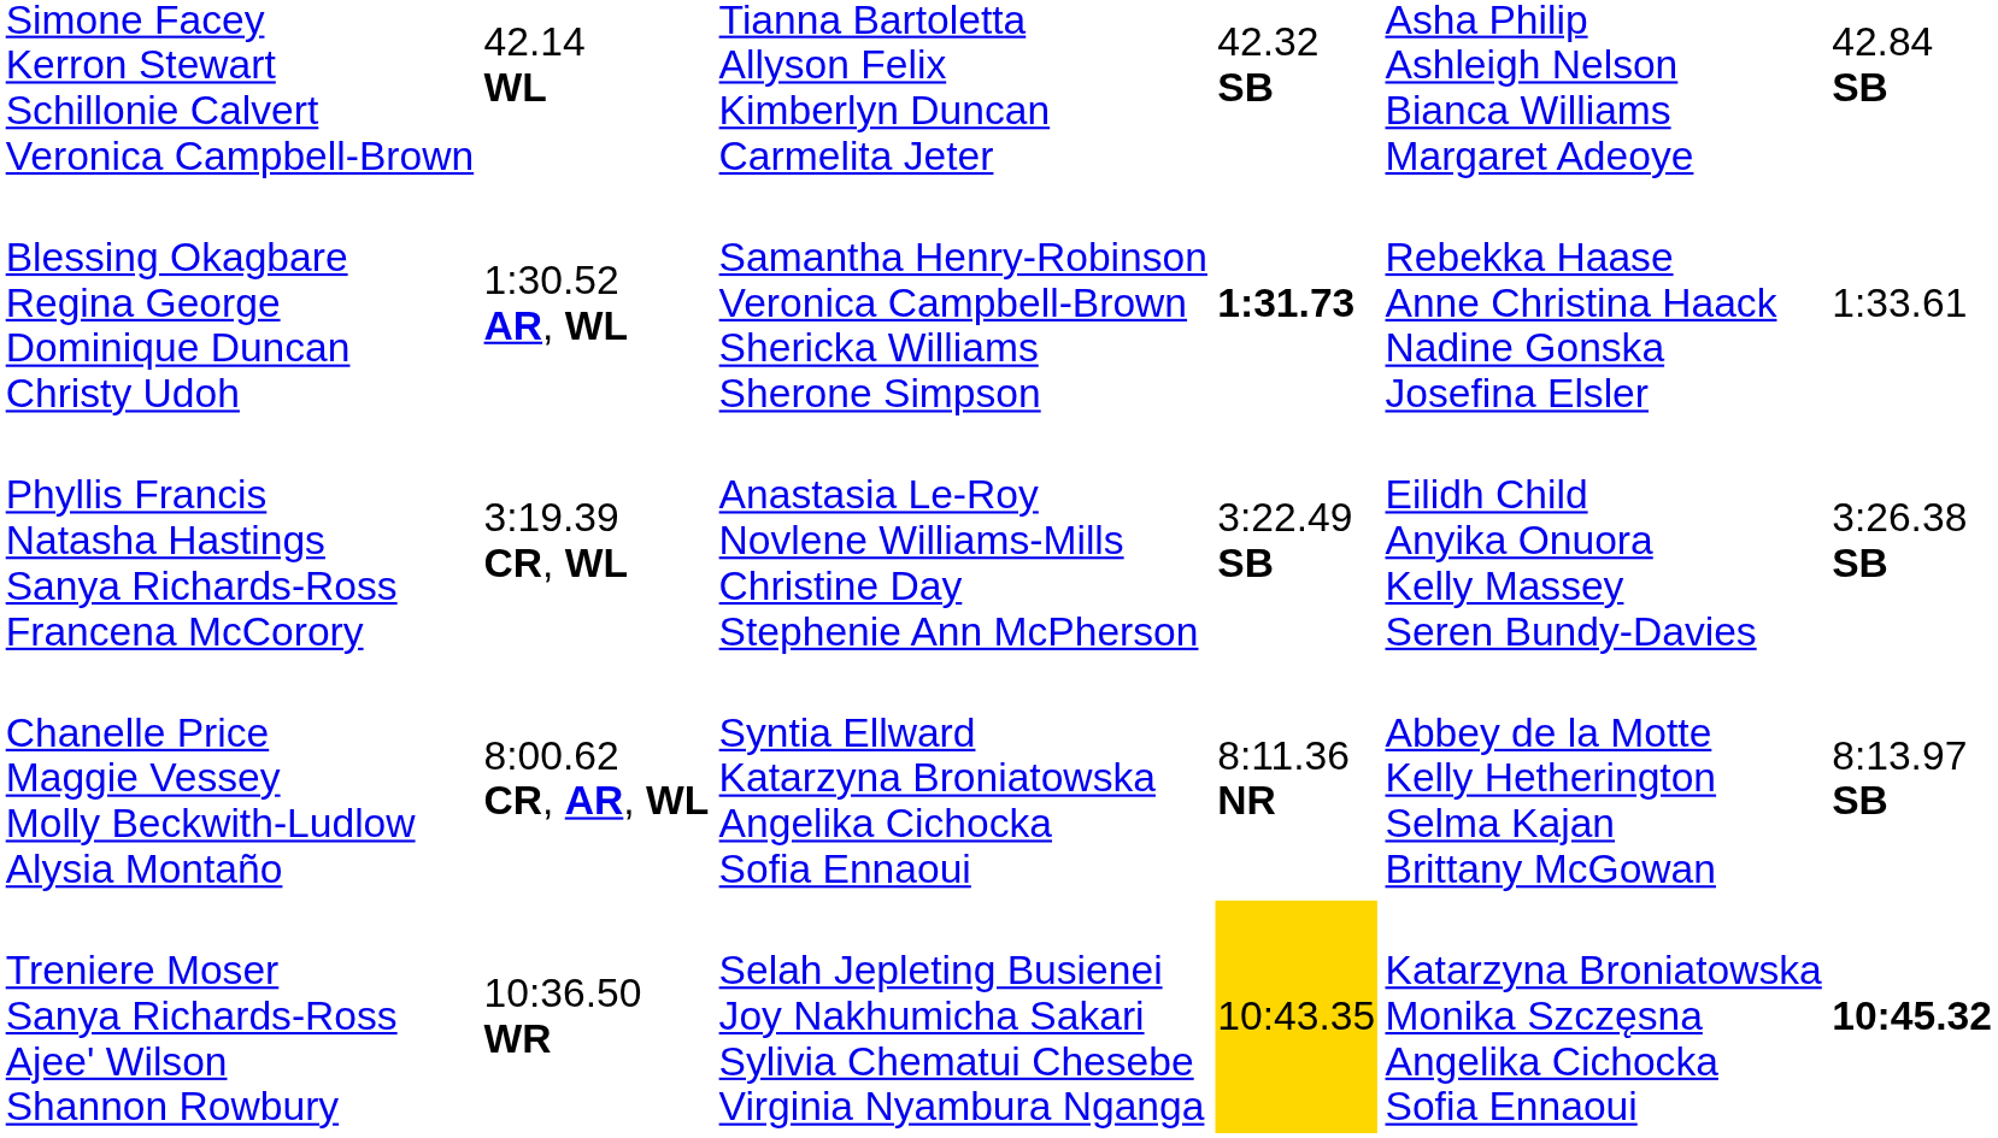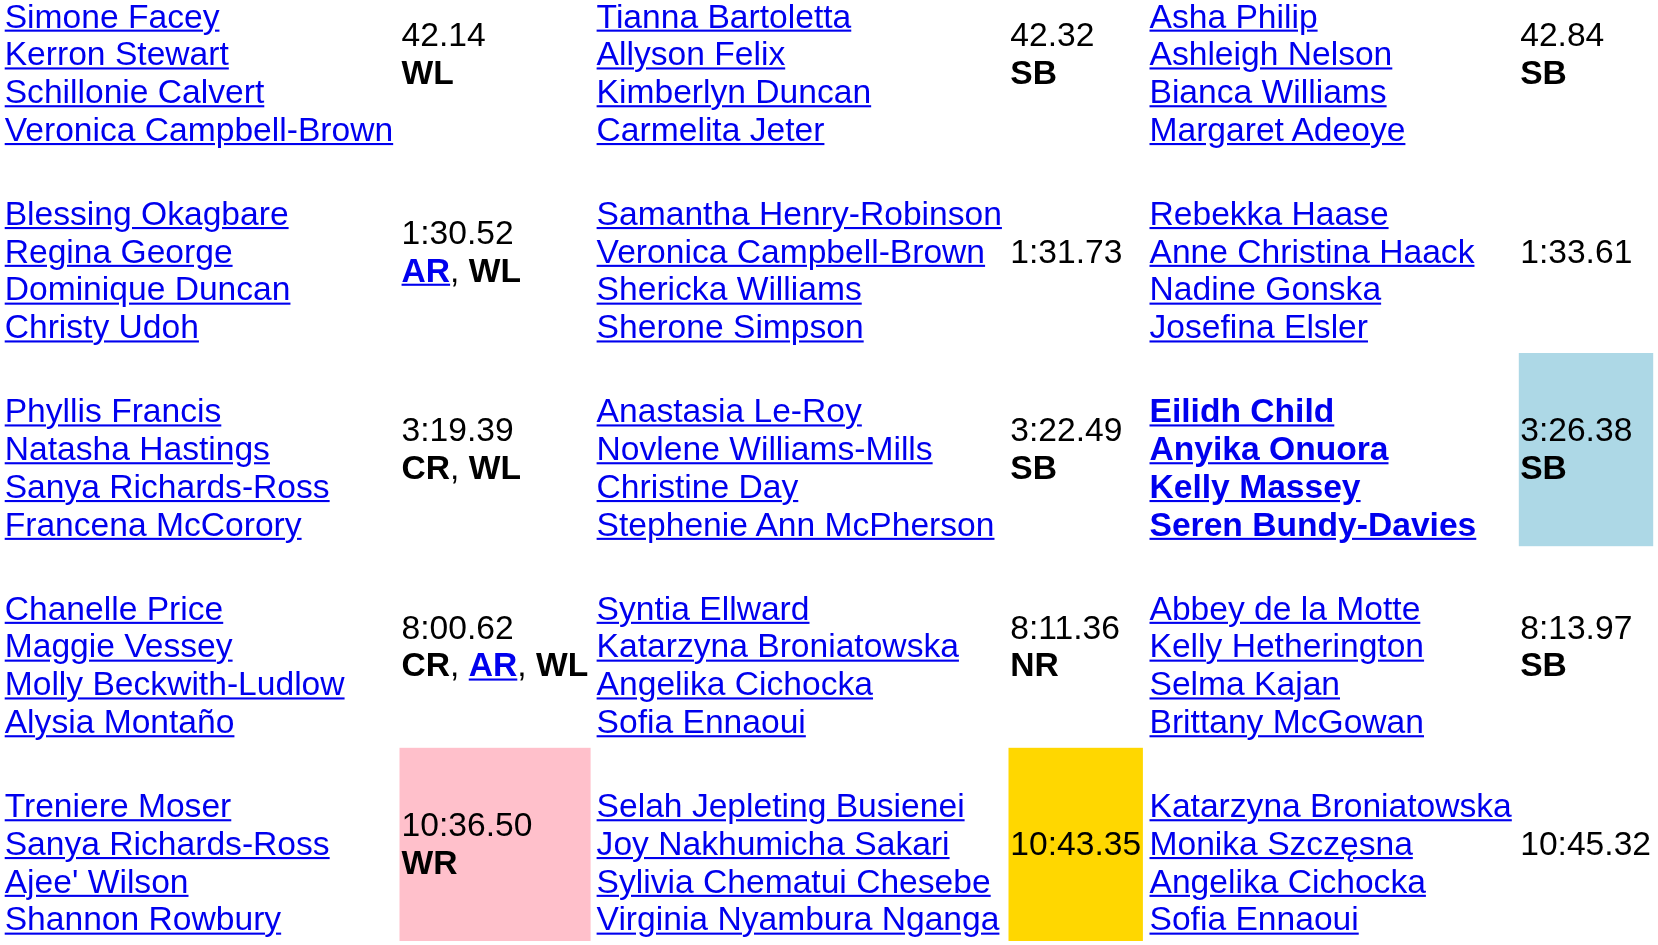 <table>
 <tr>
 <td></td>
 <td><br><a href='#'>Simone Facey</a><br><a href='#'>Kerron Stewart</a><br><a href='#'>Schillonie Calvert</a><br><a href='#'>Veronica Campbell-Brown</a></td>
 <td>42.14<br><strong>WL</strong></td>
 <td><br><a href='#'>Tianna Bartoletta</a><br><a href='#'>Allyson Felix</a><br><a href='#'>Kimberlyn Duncan</a><br><a href='#'>Carmelita Jeter</a></td>
 <td>42.32<br><strong>SB</strong></td>
 <td><br><a href='#'>Asha Philip</a><br><a href='#'>Ashleigh Nelson</a><br><a href='#'>Bianca Williams</a><br><a href='#'>Margaret Adeoye</a></td>
 <td>42.84<br><strong>SB</strong></td>
 </tr>
 <tr>
 <td></td>
 <td><br><a href='#'>Blessing Okagbare</a><br><a href='#'>Regina George</a><br><a href='#'>Dominique Duncan</a><br><a href='#'>Christy Udoh</a></td>
 <td>1:30.52<br> <strong><a href='#'>AR</a></strong>, <strong>WL</strong></td>
 <td><br><a href='#'>Samantha Henry-Robinson</a><br><a href='#'>Veronica Campbell-Brown</a><br><a href='#'>Shericka Williams</a><br><a href='#'>Sherone Simpson</a></td>
-<td><strong>1:31.73</strong></td>
+<td>1:31.73</td>
 <td><br><a href='#'>Rebekka Haase</a><br><a href='#'>Anne Christina Haack</a><br><a href='#'>Nadine Gonska</a><br><a href='#'>Josefina Elsler</a></td>
 <td>1:33.61</td>
 </tr>
 <tr>
 <td></td>
 <td><br><a href='#'>Phyllis Francis</a><br><a href='#'>Natasha Hastings</a><br><a href='#'>Sanya Richards-Ross</a><br><a href='#'>Francena McCorory</a></td>
 <td>3:19.39<br><strong>CR</strong>, <strong>WL</strong></td>
 <td><br><a href='#'>Anastasia Le-Roy</a><br><a href='#'>Novlene Williams-Mills</a><br><a href='#'>Christine Day</a><br><a href='#'>Stephenie Ann McPherson</a></td>
 <td>3:22.49<br><strong>SB</strong></td>
-<td><br><a href='#'>Eilidh Child</a><br><a href='#'>Anyika Onuora</a><br><a href='#'>Kelly Massey</a><br><a href='#'>Seren Bundy-Davies</a></td>
-<td>3:26.38<br><strong>SB</strong></td>
+<td><strong><br><a href='#'>Eilidh Child</a><br><a href='#'>Anyika Onuora</a><br><a href='#'>Kelly Massey</a><br><a href='#'>Seren Bundy-Davies</a></strong></td>
+<td style="background: lightblue;">3:26.38<br><strong>SB</strong></td>
 </tr>
 <tr>
 <td></td>
 <td><br><a href='#'>Chanelle Price</a><br><a href='#'>Maggie Vessey</a><br><a href='#'>Molly Beckwith-Ludlow</a><br><a href='#'>Alysia Montaño</a></td>
 <td>8:00.62<br><strong>CR</strong>, <strong><a href='#'>AR</a></strong>, <strong>WL</strong></td>
 <td><br><a href='#'>Syntia Ellward</a><br><a href='#'>Katarzyna Broniatowska</a><br><a href='#'>Angelika Cichocka</a><br><a href='#'>Sofia Ennaoui</a></td>
 <td>8:11.36<br><strong>NR</strong></td>
 <td><br><a href='#'>Abbey de la Motte</a><br><a href='#'>Kelly Hetherington</a><br><a href='#'>Selma Kajan</a><br><a href='#'>Brittany McGowan</a></td>
 <td>8:13.97<br><strong>SB</strong></td>
 </tr>
 <tr>
 <td></td>
 <td><br><a href='#'>Treniere Moser</a><br><a href='#'>Sanya Richards-Ross</a><br><a href='#'>Ajee' Wilson</a><br><a href='#'>Shannon Rowbury</a></td>
-<td>10:36.50<br><strong>WR</strong></td>
+<td style="background: pink;">10:36.50<br><strong>WR</strong></td>
 <td><br><a href='#'>Selah Jepleting Busienei</a><br><a href='#'>Joy Nakhumicha Sakari</a><br><a href='#'>Sylivia Chematui Chesebe</a><br><a href='#'>Virginia Nyambura Nganga</a></td>
 <td style="background: gold;">10:43.35</td>
 <td><br><a href='#'>Katarzyna Broniatowska</a><br><a href='#'>Monika Szczęsna</a><br><a href='#'>Angelika Cichocka</a><br><a href='#'>Sofia Ennaoui</a></td>
-<td><strong>10:45.32</strong></td>
+<td>10:45.32</td>
 </tr>
 </table>
